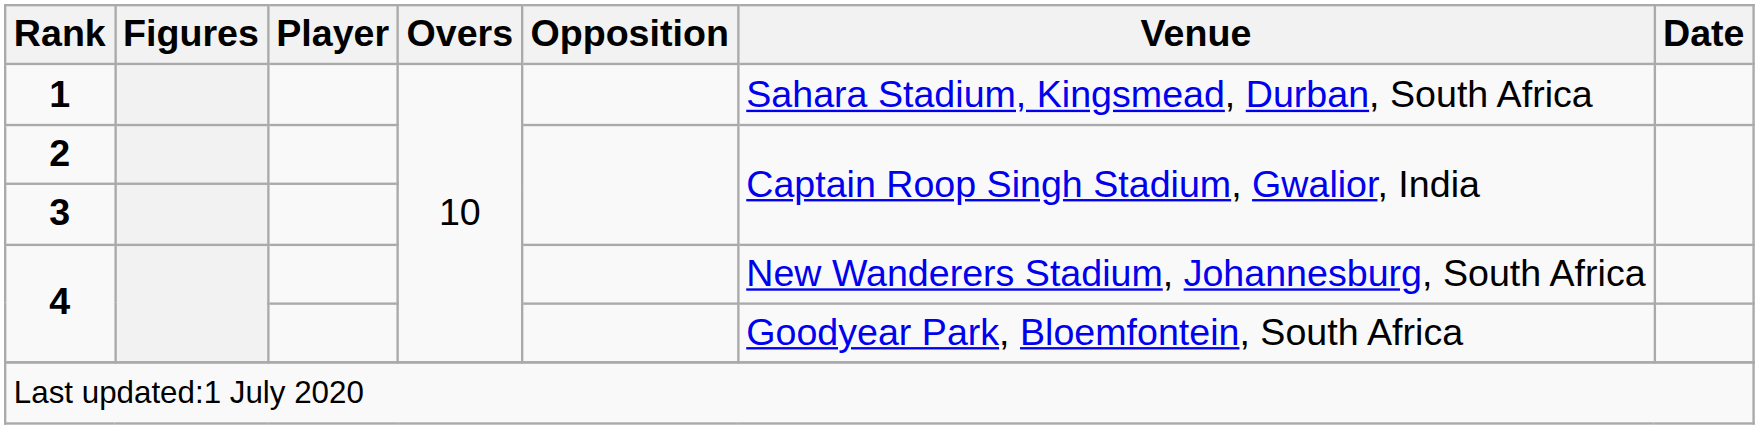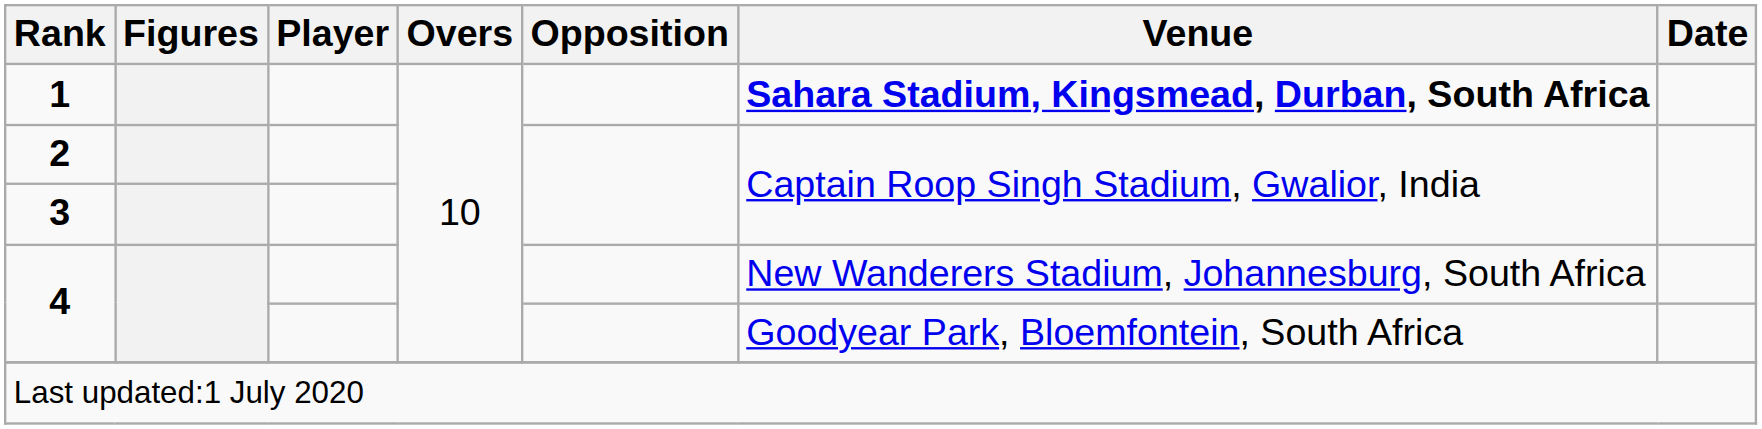 <table class="wikitable plainrowheaders sortable">
 <tr>
 <th scope=col>Rank</th>
 <th scope=col>Figures</th>
 <th scope=col>Player</th>
 <th scope=col>Overs</th>
 <th scope=col>Opposition</th>
 <th scope=col>Venue</th>
 <th scope=col>Date</th>
 </tr>
 <tr>
 <td scope=row style=text-align:center;><strong>1</strong></td>
 <th scope=row style=text-align:center;></th>
 <td></td>
 <td align=center rowspan=5>10</td>
 <td></td>
-<td><a href='#'>Sahara Stadium, Kingsmead</a>, <a href='#'>Durban</a>, South Africa</td>
+<td><strong><a href='#'>Sahara Stadium, Kingsmead</a>, <a href='#'>Durban</a>, South Africa</strong></td>
 <td></td>
 </tr>
 <tr>
 <td align=center><strong>2</strong></td>
 <th scope=row style=text-align:center;></th>
 <td></td>
 <td rowspan=2></td>
 <td rowspan=2><a href='#'>Captain Roop Singh Stadium</a>, <a href='#'>Gwalior</a>, India</td>
 <td rowspan=2></td>
 </tr>
 <tr>
 <td align=center><strong>3</strong></td>
 <th scope=row style=text-align:center;></th>
 <td></td>
 </tr>
 <tr>
 <td align=center rowspan=2><strong>4</strong></td>
 <th scope=row style=text-align:center; rowspan=2></th>
 <td></td>
 <td></td>
 <td><a href='#'>New Wanderers Stadium</a>, <a href='#'>Johannesburg</a>, South Africa</td>
 <td></td>
 </tr>
 <tr>
 <td></td>
 <td></td>
 <td><a href='#'>Goodyear Park</a>, <a href='#'>Bloemfontein</a>, South Africa</td>
 <td></td>
 </tr>
 <tr>
 </tr>
 <tr class=sortbottom>
 <td colspan=7><small>Last updated:1 July 2020</small></td>
 </tr>
 </table>
